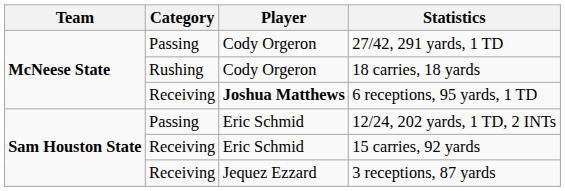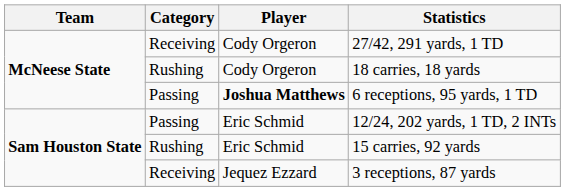 <table class="wikitable" style="float: left;">
 <tr>
 <th>Team</th>
 <th>Category</th>
 <th>Player</th>
 <th>Statistics</th>
 </tr>
 <tr>
 <td rowspan=3><strong>McNeese State</strong></td>
-<td>Passing</td>
+<td>Receiving</td>
 <td>Cody Orgeron</td>
 <td>27/42, 291 yards, 1 TD</td>
 </tr>
 <tr>
 <td>Rushing</td>
 <td>Cody Orgeron</td>
 <td>18 carries, 18 yards</td>
 </tr>
 <tr>
-<td>Receiving</td>
+<td>Passing</td>
 <td><strong>Joshua Matthews</strong></td>
 <td>6 receptions, 95 yards, 1 TD</td>
 </tr>
 <tr>
 <td rowspan=3><strong>Sam Houston State</strong></td>
 <td>Passing</td>
 <td>Eric Schmid</td>
 <td>12/24, 202 yards, 1 TD, 2 INTs</td>
 </tr>
 <tr>
-<td>Receiving</td>
+<td>Rushing</td>
 <td>Eric Schmid</td>
 <td>15 carries, 92 yards</td>
 </tr>
 <tr>
 <td>Receiving</td>
 <td>Jequez Ezzard</td>
 <td>3 receptions, 87 yards</td>
 </tr>
 </table>
